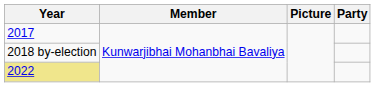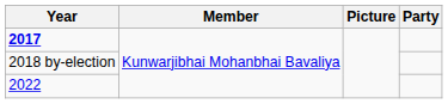 <table class="wikitable sortable">
 <tr>
 <th>Year</th>
 <th>Member</th>
 <th>Picture</th>
 <th colspan="2">Party</th>
 </tr>
 <tr>
-<td><a href='#'>2017</a></td>
+<td><strong><a href='#'>2017</a></strong></td>
 <td rowspan=3><a href='#'>Kunwarjibhai Mohanbhai Bavaliya</a></td>
 <td rowspan=3></td>
 <td></td>
 </tr>
 <tr>
 <td>2018 by-election</td>
 <td></td>
 </tr>
 <tr>
-<td style="background: khaki;"><a href='#'>2022</a></td>
+<td><a href='#'>2022</a></td>
 </tr>
 </table>
